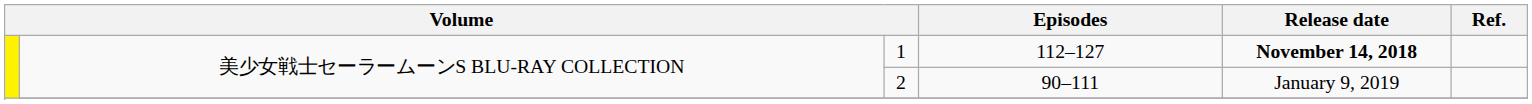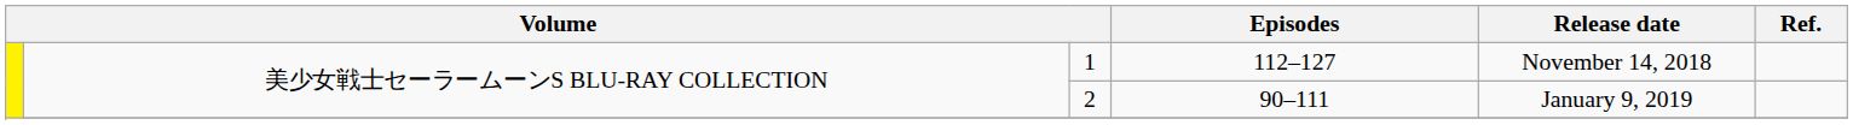 <table class="wikitable" style="text-align: center; width: 98%;">
 <tr>
 <th colspan="3">Volume</th>
 <th width="20%">Episodes</th>
 <th width="15%">Release date</th>
 <th width="5%">Ref.</th>
 </tr>
 <tr>
 <td rowspan="10" width="1%" style="background: #FFF200;"></td>
 <td rowspan="2">美少女戦士セーラームーンS BLU-RAY COLLECTION</td>
 <td>1</td>
 <td>112–127</td>
-<td><strong>November 14, 2018</strong></td>
+<td>November 14, 2018</td>
 <td></td>
 </tr>
 <tr>
 <td>2</td>
 <td>90–111</td>
 <td>January 9, 2019</td>
 <td></td>
 </tr>
 <tr>
 </tr>
 </table>
